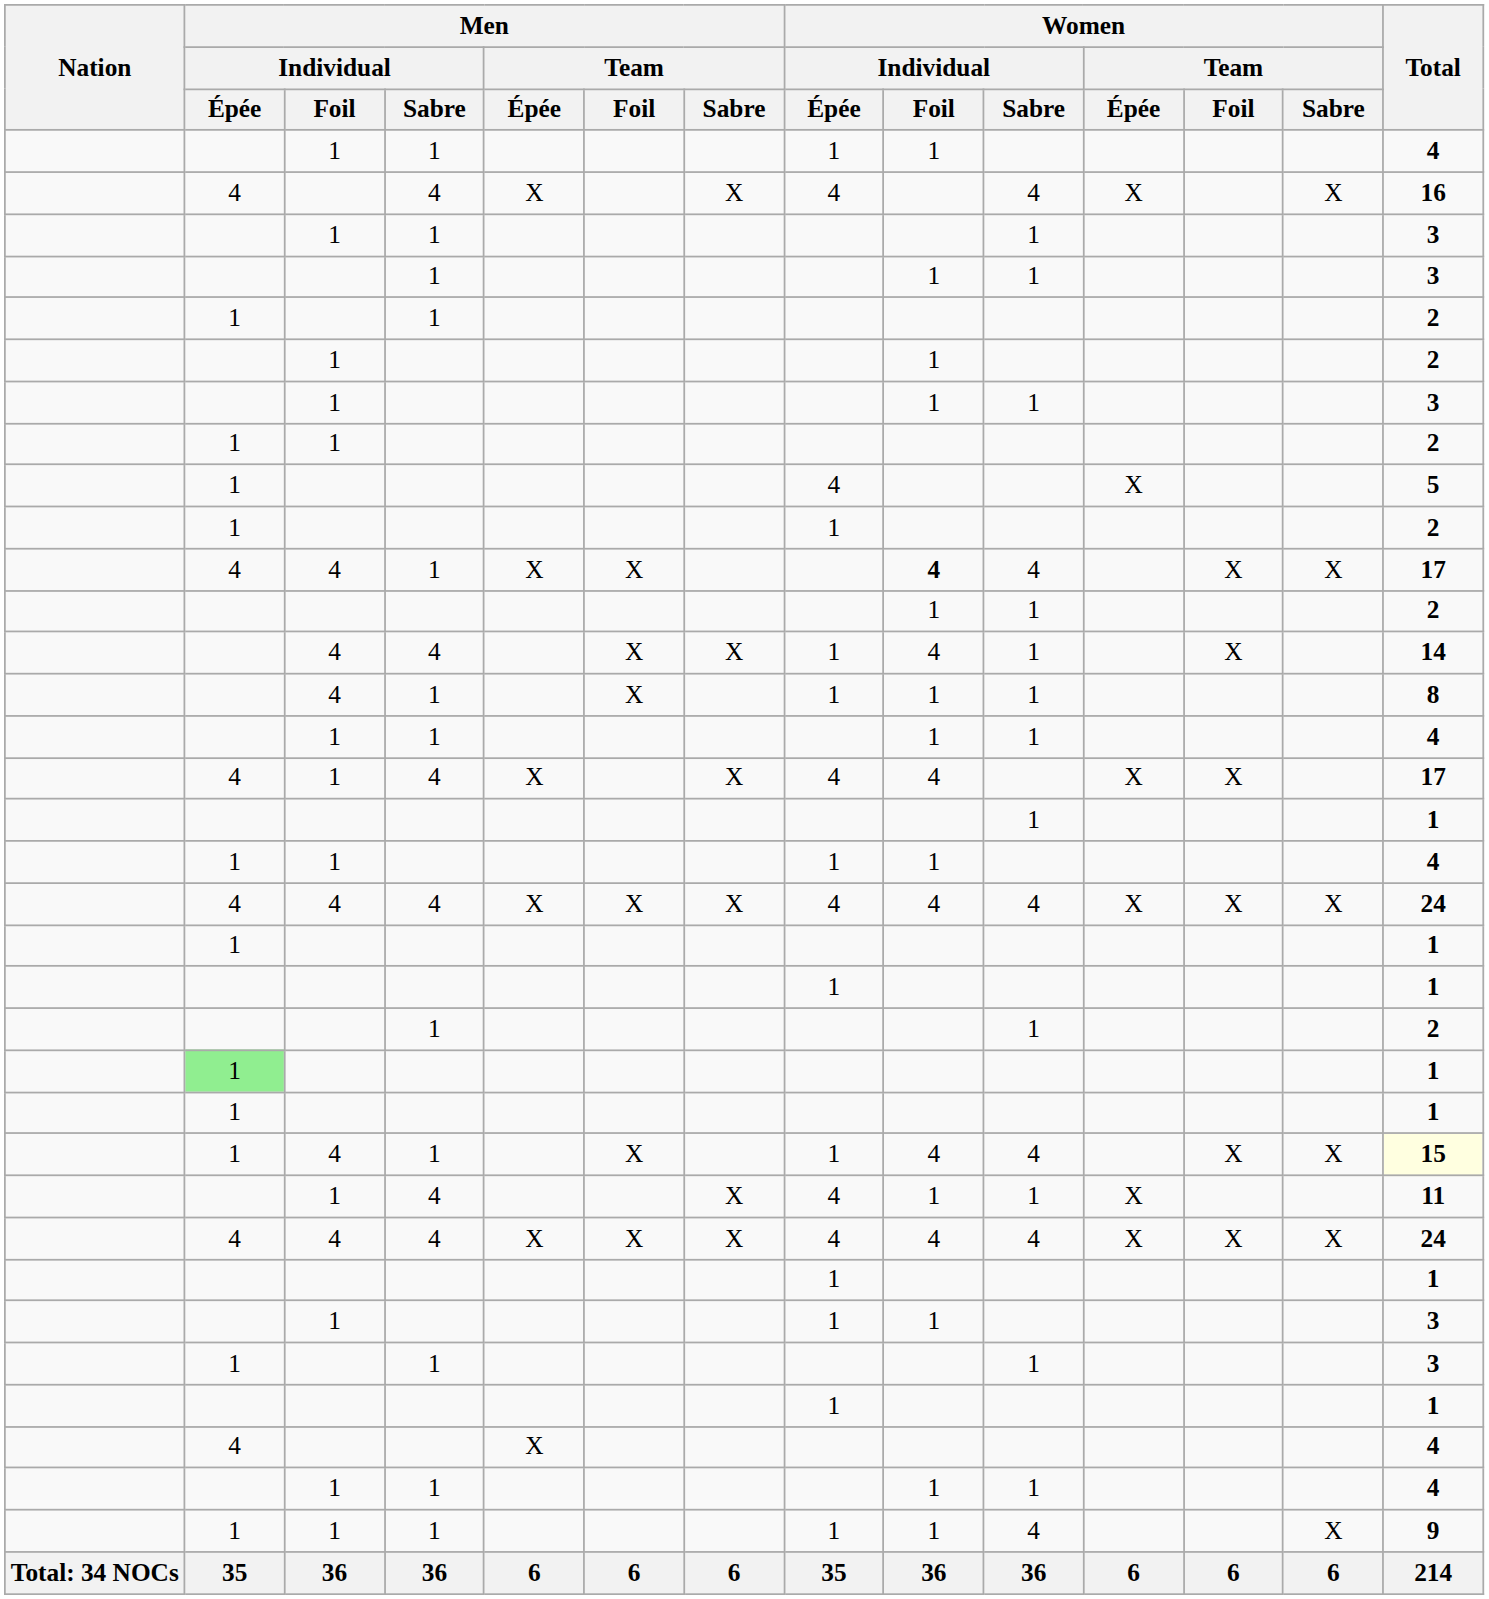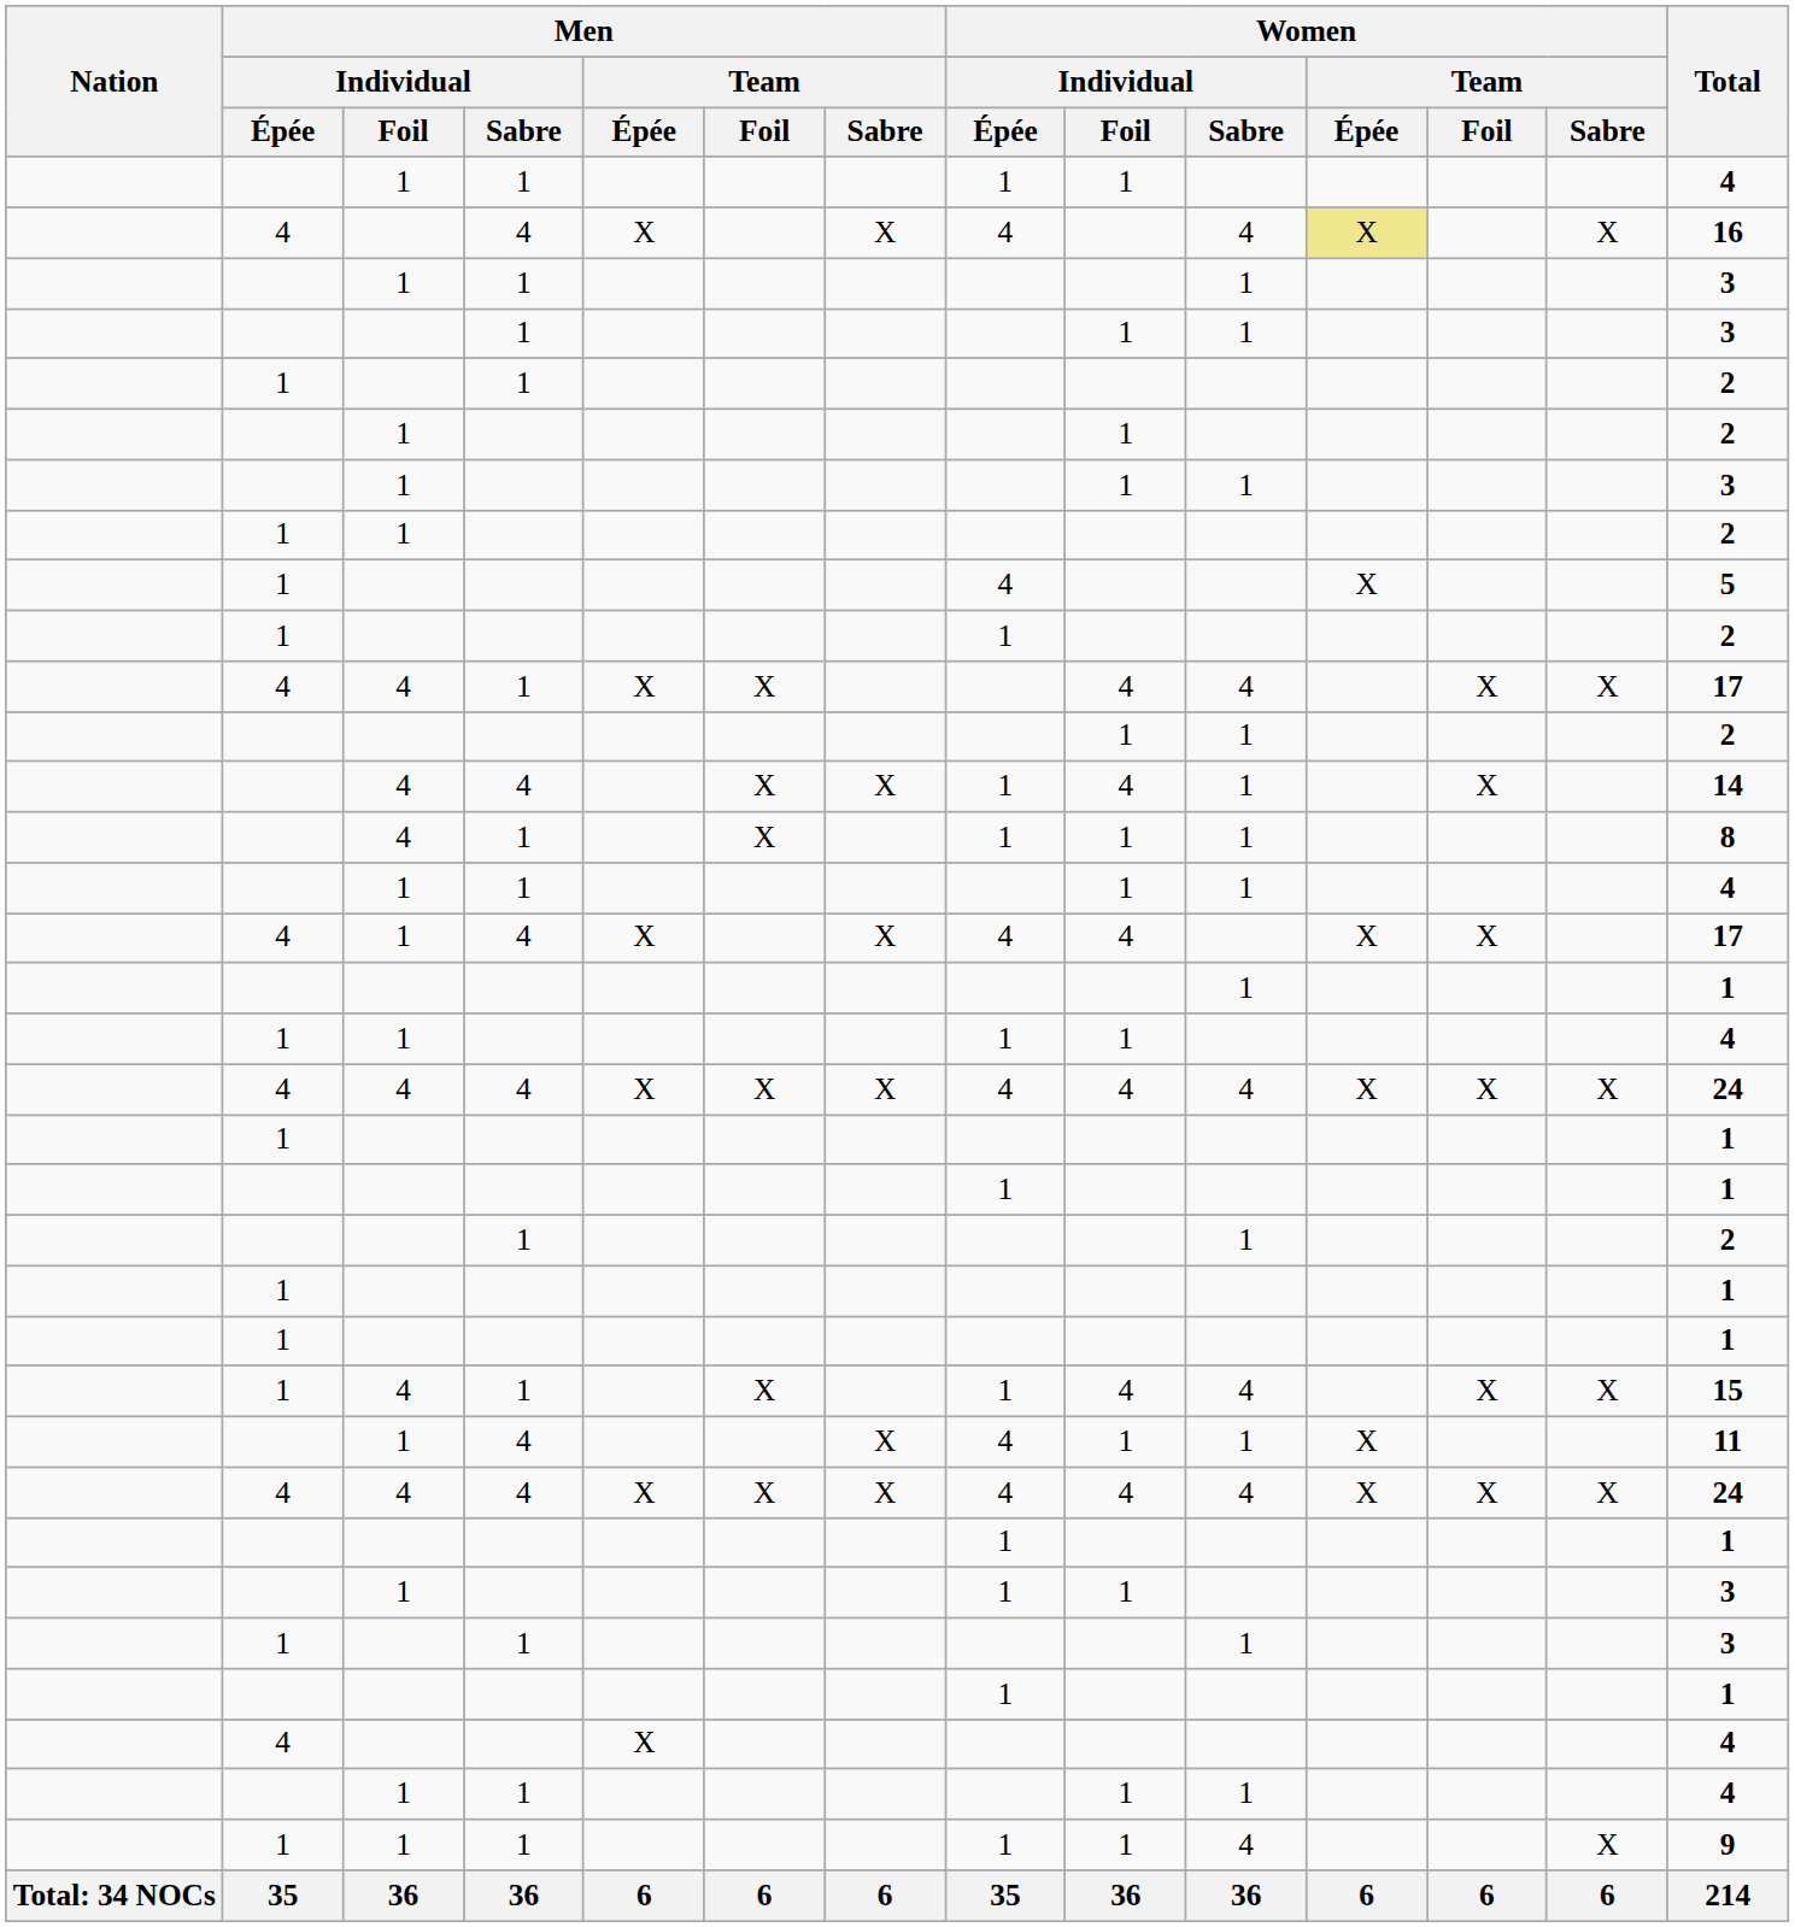 <table class="wikitable" style="text-align:center; font-size:90%">
 <tr>
 <th rowspan=3 align=left>Nation</th>
 <th colspan=6>Men</th>
 <th colspan=6>Women</th>
 <th rowspan="3" width=50>Total</th>
 </tr>
 <tr>
 <th colspan=3>Individual</th>
 <th colspan=3>Team</th>
 <th colspan=3>Individual</th>
 <th colspan=3>Team</th>
 </tr>
 <tr>
 <th width=50>Épée</th>
 <th width=50>Foil</th>
 <th width=50>Sabre</th>
 <th width=50>Épée</th>
 <th width=50>Foil</th>
 <th width=50>Sabre</th>
 <th width=50>Épée</th>
 <th width=50>Foil</th>
 <th width=50>Sabre</th>
 <th width=50>Épée</th>
 <th width=50>Foil</th>
 <th width=50>Sabre</th>
 </tr>
 <tr>
 <td align=left></td>
 <td></td>
 <td>1</td>
 <td>1</td>
 <td></td>
 <td></td>
 <td></td>
 <td>1</td>
 <td>1</td>
 <td></td>
 <td></td>
 <td></td>
 <td></td>
 <td><strong>4</strong></td>
 </tr>
 <tr>
 <td align=left></td>
 <td>4</td>
 <td></td>
 <td>4</td>
 <td>X</td>
 <td></td>
 <td>X</td>
 <td>4</td>
 <td></td>
 <td>4</td>
-<td>X</td>
+<td style="background: khaki;">X</td>
 <td></td>
 <td>X</td>
 <td><strong>16</strong></td>
 </tr>
 <tr>
 <td align=left></td>
 <td></td>
 <td>1</td>
 <td>1</td>
 <td></td>
 <td></td>
 <td></td>
 <td></td>
 <td></td>
 <td>1</td>
 <td></td>
 <td></td>
 <td></td>
 <td><strong>3</strong></td>
 </tr>
 <tr>
 <td align=left></td>
 <td></td>
 <td></td>
 <td>1</td>
 <td></td>
 <td></td>
 <td></td>
 <td></td>
 <td>1</td>
 <td>1</td>
 <td></td>
 <td></td>
 <td></td>
 <td><strong>3</strong></td>
 </tr>
 <tr>
 <td align=left></td>
 <td>1</td>
 <td></td>
 <td>1</td>
 <td></td>
 <td></td>
 <td></td>
 <td></td>
 <td></td>
 <td></td>
 <td></td>
 <td></td>
 <td></td>
 <td><strong>2</strong></td>
 </tr>
 <tr>
 <td align=left></td>
 <td></td>
 <td>1</td>
 <td></td>
 <td></td>
 <td></td>
 <td></td>
 <td></td>
 <td>1</td>
 <td></td>
 <td></td>
 <td></td>
 <td></td>
 <td><strong>2</strong></td>
 </tr>
 <tr>
 <td align=left></td>
 <td></td>
 <td>1</td>
 <td></td>
 <td></td>
 <td></td>
 <td></td>
 <td></td>
 <td>1</td>
 <td>1</td>
 <td></td>
 <td></td>
 <td></td>
 <td><strong>3</strong></td>
 </tr>
 <tr>
 <td align=left></td>
 <td>1</td>
 <td>1</td>
 <td></td>
 <td></td>
 <td></td>
 <td></td>
 <td></td>
 <td></td>
 <td></td>
 <td></td>
 <td></td>
 <td></td>
 <td><strong>2</strong></td>
 </tr>
 <tr>
 <td align=left></td>
 <td>1</td>
 <td></td>
 <td></td>
 <td></td>
 <td></td>
 <td></td>
 <td>4</td>
 <td></td>
 <td></td>
 <td>X</td>
 <td></td>
 <td></td>
 <td><strong>5</strong></td>
 </tr>
 <tr>
 <td align=left></td>
 <td>1</td>
 <td></td>
 <td></td>
 <td></td>
 <td></td>
 <td></td>
 <td>1</td>
 <td></td>
 <td></td>
 <td></td>
 <td></td>
 <td></td>
 <td><strong>2</strong></td>
 </tr>
 <tr>
 <td align=left></td>
 <td>4</td>
 <td>4</td>
 <td>1</td>
 <td>X</td>
 <td>X</td>
 <td></td>
 <td></td>
-<td><strong>4</strong></td>
+<td>4</td>
 <td>4</td>
 <td></td>
 <td>X</td>
 <td>X</td>
 <td><strong>17</strong></td>
 </tr>
 <tr>
 <td align=left></td>
 <td></td>
 <td></td>
 <td></td>
 <td></td>
 <td></td>
 <td></td>
 <td></td>
 <td>1</td>
 <td>1</td>
 <td></td>
 <td></td>
 <td></td>
 <td><strong>2</strong></td>
 </tr>
 <tr>
 <td align=left></td>
 <td></td>
 <td>4</td>
 <td>4</td>
 <td></td>
 <td>X</td>
 <td>X</td>
 <td>1</td>
 <td>4</td>
 <td>1</td>
 <td></td>
 <td>X</td>
 <td></td>
 <td><strong>14</strong></td>
 </tr>
 <tr>
 <td align=left></td>
 <td></td>
 <td>4</td>
 <td>1</td>
 <td></td>
 <td>X</td>
 <td></td>
 <td>1</td>
 <td>1</td>
 <td>1</td>
 <td></td>
 <td></td>
 <td></td>
 <td><strong>8</strong></td>
 </tr>
 <tr>
 <td align=left></td>
 <td></td>
 <td>1</td>
 <td>1</td>
 <td></td>
 <td></td>
 <td></td>
 <td></td>
 <td>1</td>
 <td>1</td>
 <td></td>
 <td></td>
 <td></td>
 <td><strong>4</strong></td>
 </tr>
 <tr>
 <td align=left></td>
 <td>4</td>
 <td>1</td>
 <td>4</td>
 <td>X</td>
 <td></td>
 <td>X</td>
 <td>4</td>
 <td>4</td>
 <td></td>
 <td>X</td>
 <td>X</td>
 <td></td>
 <td><strong>17</strong></td>
 </tr>
 <tr>
 <td align=left></td>
 <td></td>
 <td></td>
 <td></td>
 <td></td>
 <td></td>
 <td></td>
 <td></td>
 <td></td>
 <td>1</td>
 <td></td>
 <td></td>
 <td></td>
 <td><strong>1</strong></td>
 </tr>
 <tr>
 <td align=left></td>
 <td>1</td>
 <td>1</td>
 <td></td>
 <td></td>
 <td></td>
 <td></td>
 <td>1</td>
 <td>1</td>
 <td></td>
 <td></td>
 <td></td>
 <td></td>
 <td><strong>4</strong></td>
 </tr>
 <tr>
 <td align=left></td>
 <td>4</td>
 <td>4</td>
 <td>4</td>
 <td>X</td>
 <td>X</td>
 <td>X</td>
 <td>4</td>
 <td>4</td>
 <td>4</td>
 <td>X</td>
 <td>X</td>
 <td>X</td>
 <td><strong>24</strong></td>
 </tr>
 <tr>
 <td align=left></td>
 <td>1</td>
 <td></td>
 <td></td>
 <td></td>
 <td></td>
 <td></td>
 <td></td>
 <td></td>
 <td></td>
 <td></td>
 <td></td>
 <td></td>
 <td><strong>1</strong></td>
 </tr>
 <tr>
 <td align=left></td>
 <td></td>
 <td></td>
 <td></td>
 <td></td>
 <td></td>
 <td></td>
 <td>1</td>
 <td></td>
 <td></td>
 <td></td>
 <td></td>
 <td></td>
 <td><strong>1</strong></td>
 </tr>
 <tr>
 <td align=left></td>
 <td></td>
 <td></td>
 <td>1</td>
 <td></td>
 <td></td>
 <td></td>
 <td></td>
 <td></td>
 <td>1</td>
 <td></td>
 <td></td>
 <td></td>
 <td><strong>2</strong></td>
 </tr>
 <tr>
 <td align=left></td>
-<td style="background: lightgreen;">1</td>
+<td>1</td>
 <td></td>
 <td></td>
 <td></td>
 <td></td>
 <td></td>
 <td></td>
 <td></td>
 <td></td>
 <td></td>
 <td></td>
 <td></td>
 <td><strong>1</strong></td>
 </tr>
 <tr>
 <td align=left></td>
 <td>1</td>
 <td></td>
 <td></td>
 <td></td>
 <td></td>
 <td></td>
 <td></td>
 <td></td>
 <td></td>
 <td></td>
 <td></td>
 <td></td>
 <td><strong>1</strong></td>
 </tr>
 <tr>
 <td align=left></td>
 <td>1</td>
 <td>4</td>
 <td>1</td>
 <td></td>
 <td>X</td>
 <td></td>
 <td>1</td>
 <td>4</td>
 <td>4</td>
 <td></td>
 <td>X</td>
 <td>X</td>
-<td style="background: lightyellow;"><strong>15</strong></td>
+<td><strong>15</strong></td>
 </tr>
 <tr>
 <td align=left></td>
 <td></td>
 <td>1</td>
 <td>4</td>
 <td></td>
 <td></td>
 <td>X</td>
 <td>4</td>
 <td>1</td>
 <td>1</td>
 <td>X</td>
 <td></td>
 <td></td>
 <td><strong>11</strong></td>
 </tr>
 <tr>
 <td align=left></td>
 <td>4</td>
 <td>4</td>
 <td>4</td>
 <td>X</td>
 <td>X</td>
 <td>X</td>
 <td>4</td>
 <td>4</td>
 <td>4</td>
 <td>X</td>
 <td>X</td>
 <td>X</td>
 <td><strong>24</strong></td>
 </tr>
 <tr>
 <td align=left></td>
 <td></td>
 <td></td>
 <td></td>
 <td></td>
 <td></td>
 <td></td>
 <td>1</td>
 <td></td>
 <td></td>
 <td></td>
 <td></td>
 <td></td>
 <td><strong>1</strong></td>
 </tr>
 <tr>
 <td align=left></td>
 <td></td>
 <td>1</td>
 <td></td>
 <td></td>
 <td></td>
 <td></td>
 <td>1</td>
 <td>1</td>
 <td></td>
 <td></td>
 <td></td>
 <td></td>
 <td><strong>3</strong></td>
 </tr>
 <tr>
 <td align=left></td>
 <td>1</td>
 <td></td>
 <td>1</td>
 <td></td>
 <td></td>
 <td></td>
 <td></td>
 <td></td>
 <td>1</td>
 <td></td>
 <td></td>
 <td></td>
 <td><strong>3</strong></td>
 </tr>
 <tr>
 <td align=left></td>
 <td></td>
 <td></td>
 <td></td>
 <td></td>
 <td></td>
 <td></td>
 <td>1</td>
 <td></td>
 <td></td>
 <td></td>
 <td></td>
 <td></td>
 <td><strong>1</strong></td>
 </tr>
 <tr>
 <td align=left></td>
 <td>4</td>
 <td></td>
 <td></td>
 <td>X</td>
 <td></td>
 <td></td>
 <td></td>
 <td></td>
 <td></td>
 <td></td>
 <td></td>
 <td></td>
 <td><strong>4</strong></td>
 </tr>
 <tr>
 <td align=left></td>
 <td></td>
 <td>1</td>
 <td>1</td>
 <td></td>
 <td></td>
 <td></td>
 <td></td>
 <td>1</td>
 <td>1</td>
 <td></td>
 <td></td>
 <td></td>
 <td><strong>4</strong></td>
 </tr>
 <tr>
 <td align=left></td>
 <td>1</td>
 <td>1</td>
 <td>1</td>
 <td></td>
 <td></td>
 <td></td>
 <td>1</td>
 <td>1</td>
 <td>4</td>
 <td></td>
 <td></td>
 <td>X</td>
 <td><strong>9</strong></td>
 </tr>
 <tr>
 <th>Total: 34 NOCs</th>
 <th>35</th>
 <th>36</th>
 <th>36</th>
 <th>6</th>
 <th>6</th>
 <th>6</th>
 <th>35</th>
 <th>36</th>
 <th>36</th>
 <th>6</th>
 <th>6</th>
 <th>6</th>
 <th>214</th>
 </tr>
 </table>
